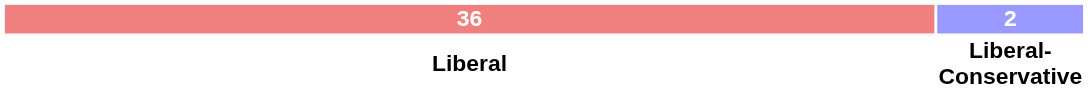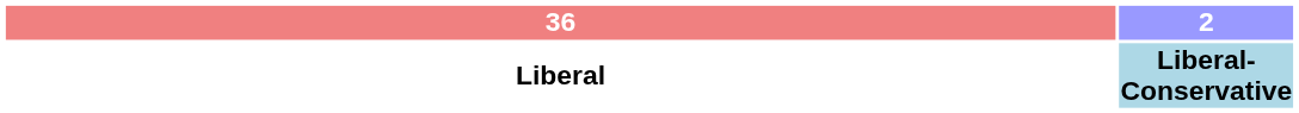 <table style="width:60%; text-align:center;">
 <tr style="color:white;">
 <td style="background:#F08080; width:94.74%;"><strong>36</strong></td>
 <td style="background:#9999FF; width:5.26%;"><strong>2</strong></td>
 </tr>
 <tr>
 <td><span><strong>Liberal</strong></span></td>
-<td><span><strong>Liberal-Conservative</strong></span></td>
+<td style="background: lightblue;"><span><strong>Liberal-Conservative</strong></span></td>
 </tr>
 </table>
